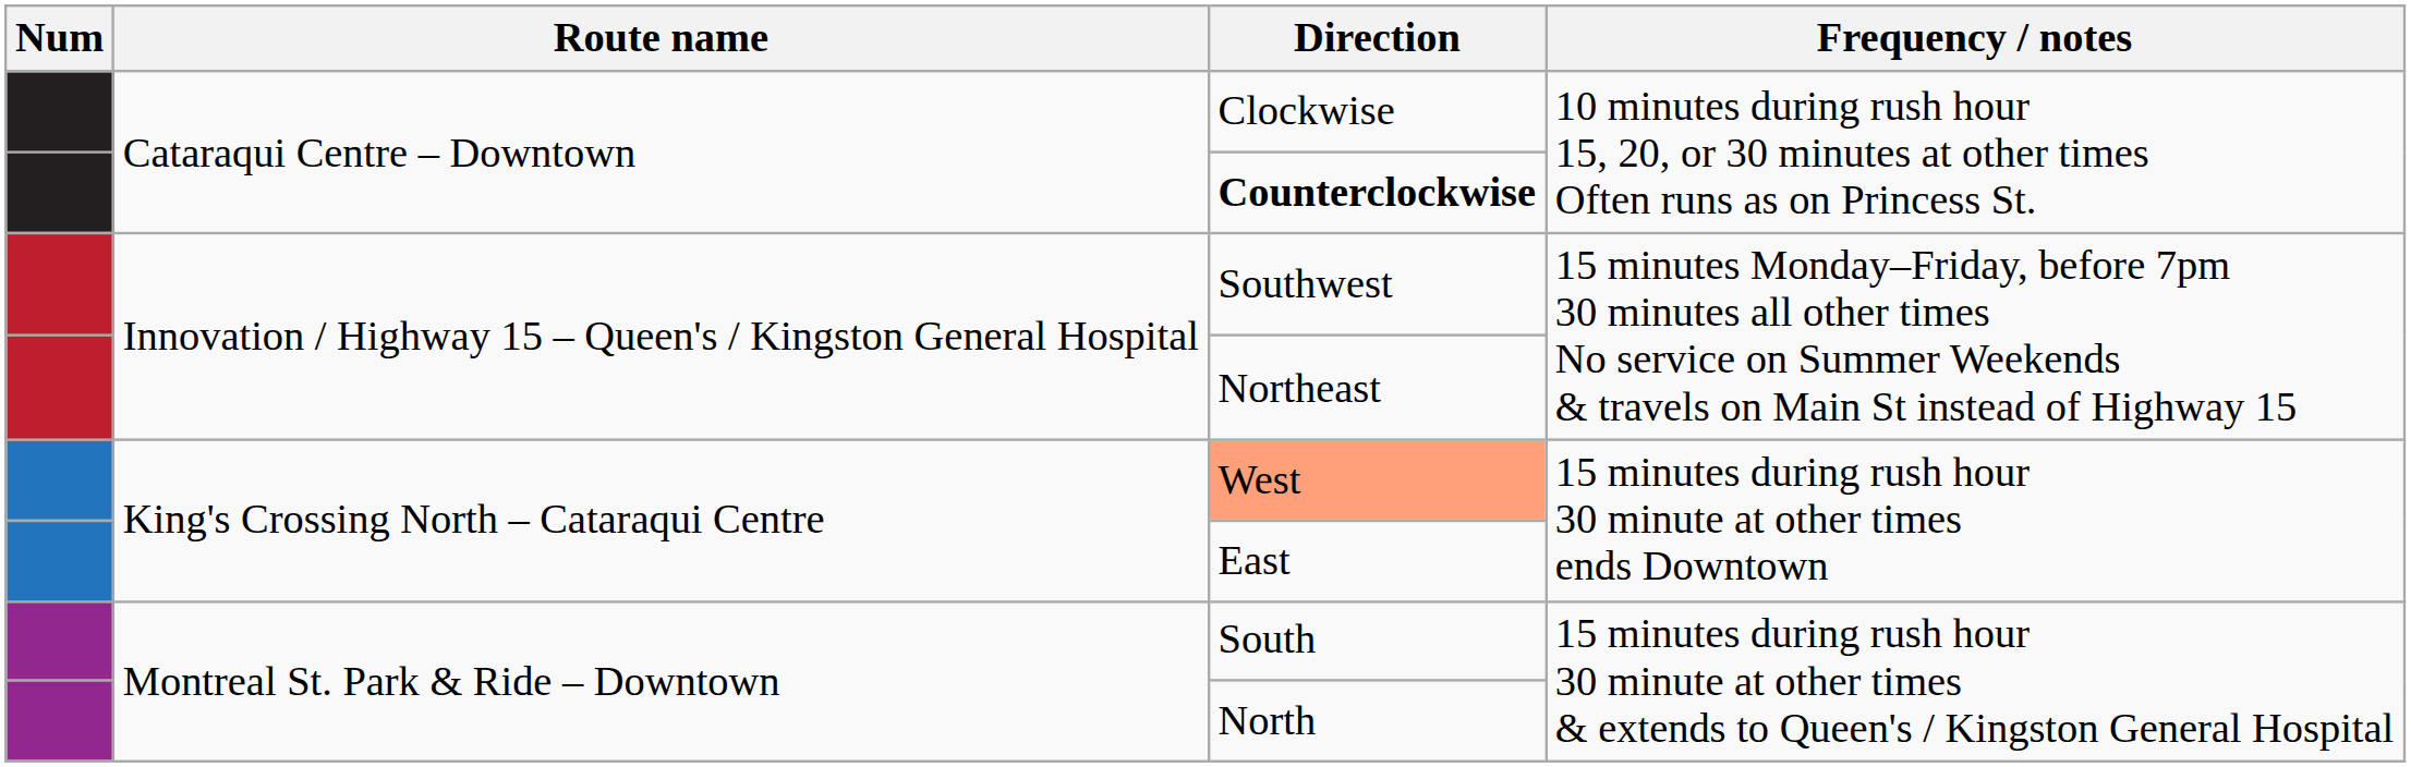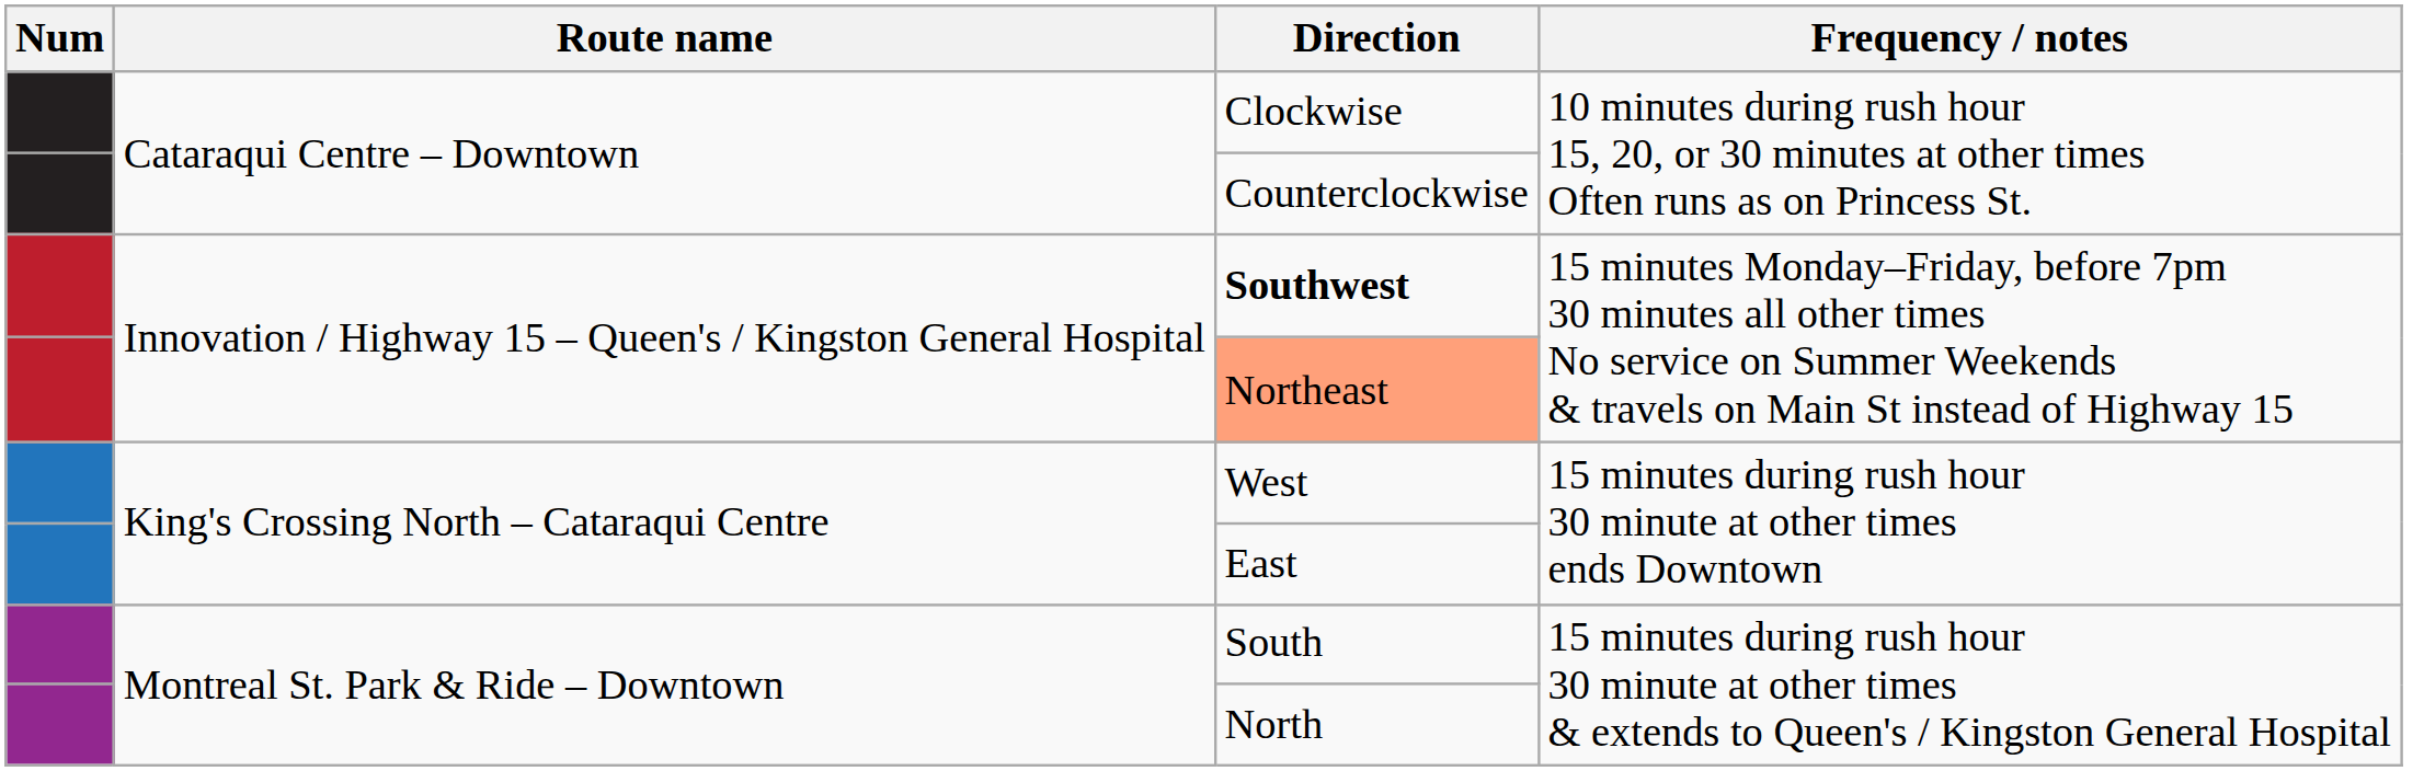 <table class="wikitable">
 <tr>
 <th>Num</th>
 <th>Route name</th>
 <th>Direction</th>
 <th>Frequency / notes</th>
 </tr>
 <tr>
 <td style="background:#231F20; text-align: center"></td>
 <td rowspan="2">Cataraqui Centre – Downtown</td>
 <td>Clockwise</td>
 <td rowspan="2">10 minutes during rush hour<br>15, 20, or 30 minutes at other times<br>Often runs as  on Princess St.</td>
 </tr>
 <tr>
 <td style="background:#231F20; text-align: center"></td>
-<td><strong>Counterclockwise</strong></td>
+<td>Counterclockwise</td>
 </tr>
 <tr>
 <td style="background:#be1e2d; text-align: center"></td>
 <td rowspan="2">Innovation / Highway 15 – Queen's / Kingston General Hospital</td>
-<td>Southwest</td>
+<td><strong>Southwest</strong></td>
 <td rowspan="2">15 minutes Monday–Friday, before 7pm<br>30 minutes all other times<br>No service on Summer Weekends<br> &  travels on Main St instead of Highway 15</td>
 </tr>
 <tr>
 <td style="background:#be1e2d; text-align: center"></td>
-<td>Northeast</td>
+<td style="background: lightsalmon;">Northeast</td>
 </tr>
 <tr>
 <td style="background:#2275bc; text-align: center"></td>
 <td rowspan="2">King's Crossing North – Cataraqui Centre</td>
-<td style="background: lightsalmon;">West</td>
+<td>West</td>
 <td rowspan="2">15 minutes during rush hour<br>30 minute at other times<br> ends Downtown</td>
 </tr>
 <tr>
 <td style="background:#2275bc; text-align: center"></td>
 <td>East</td>
 </tr>
 <tr>
 <td style="background:#92278f; text-align: center"></td>
 <td rowspan="2">Montreal St. Park & Ride – Downtown</td>
 <td>South</td>
 <td rowspan="2">15 minutes during rush hour<br>30 minute at other times<br>& extends to Queen's / Kingston General Hospital</td>
 </tr>
 <tr>
 <td style="background:#92278f; text-align: center"></td>
 <td>North</td>
 </tr>
 </table>
